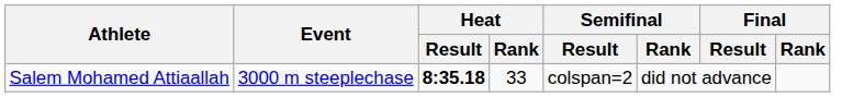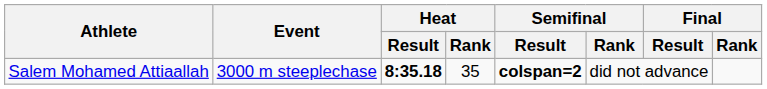 <table class="wikitable"  style=font-size:90%>
 <tr>
 <th rowspan="2">Athlete</th>
 <th rowspan="2">Event</th>
 <th colspan="2">Heat</th>
 <th colspan="2">Semifinal</th>
 <th colspan="2">Final</th>
 </tr>
 <tr>
 <th>Result</th>
 <th>Rank</th>
 <th>Result</th>
 <th>Rank</th>
 <th>Result</th>
 <th>Rank</th>
 </tr>
 <tr style=text-align:center>
 <td style=text-align:left><a href='#'>Salem Mohamed Attiaallah</a></td>
 <td style=text-align:left><a href='#'>3000 m steeplechase</a></td>
 <td><strong>8:35.18</strong></td>
-<td>33</td>
-<td>colspan=2</td>
+<td>35</td>
+<td><strong>colspan=2</strong></td>
 <td colspan=2>did not advance</td>
 </tr>
 </table>
